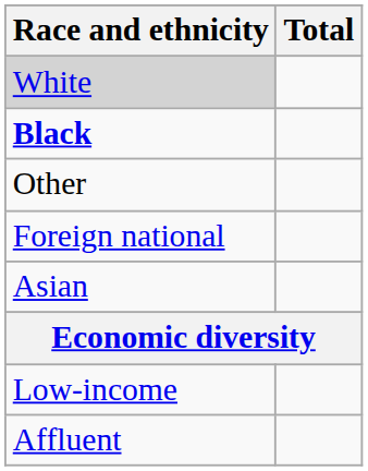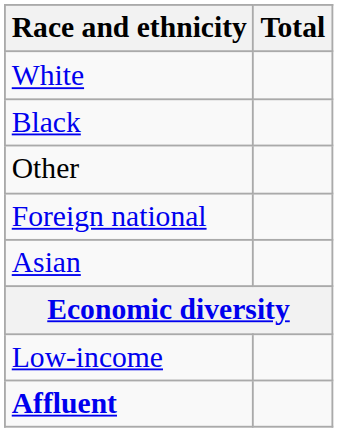 <table class="wikitable floatright sortable collapsible"; text-align:right; font-size:80%;">
 <tr>
 <th>Race and ethnicity</th>
 <th colspan="2" data-sort-type=number>Total</th>
 </tr>
 <tr>
-<td style="background: lightgrey;"><a href='#'>White</a></td>
+<td><a href='#'>White</a></td>
 <td align=right></td>
 </tr>
 <tr>
-<td><strong><a href='#'>Black</a></strong></td>
+<td><a href='#'>Black</a></td>
 <td align=right></td>
 </tr>
 <tr>
 <td>Other</td>
 <td align=right></td>
 </tr>
 <tr>
 <td><a href='#'>Foreign national</a></td>
 <td align=right></td>
 </tr>
 <tr>
 <td><a href='#'>Asian</a></td>
 <td align=right></td>
 </tr>
 <tr>
 <th colspan="4" data-sort-type=number><a href='#'>Economic diversity</a></th>
 </tr>
 <tr>
 <td><a href='#'>Low-income</a></td>
 <td align=right></td>
 </tr>
 <tr>
-<td><a href='#'>Affluent</a></td>
+<td><strong><a href='#'>Affluent</a></strong></td>
 <td align=right></td>
 </tr>
 </table>
